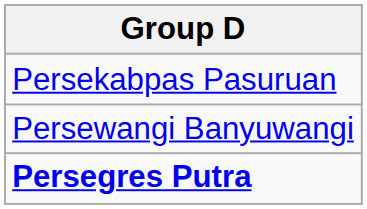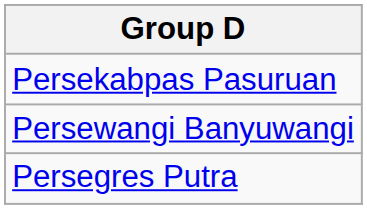 <table class="wikitable">
 <tr>
 <th><strong>Group D</strong></th>
 </tr>
 <tr>
 <td><a href='#'>Persekabpas Pasuruan</a></td>
 </tr>
 <tr>
 <td><a href='#'>Persewangi Banyuwangi</a></td>
 </tr>
 <tr>
-<td><strong><a href='#'>Persegres Putra</a></strong></td>
+<td><a href='#'>Persegres Putra</a></td>
 </tr>
 </table>
